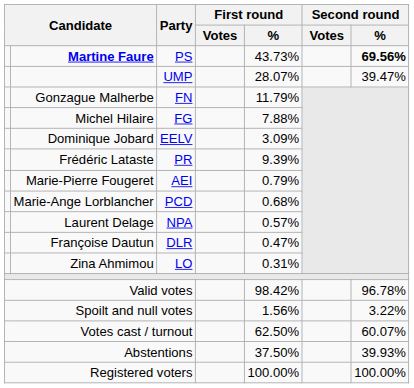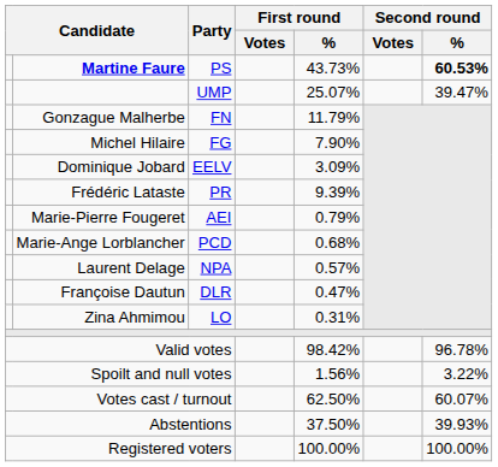 <table class="wikitable" style="text-align:right;font-size:95%;">
 <tr>
 <th rowspan=2 colspan=2>Candidate</th>
 <th rowspan=2 colspan=1>Party</th>
 <th colspan=2>First round</th>
 <th colspan=2>Second round</th>
 </tr>
 <tr>
 <th style="width:50px;">Votes</th>
 <th style="width:55px;">%</th>
 <th style="width:50px;">Votes</th>
 <th style="width:55px;">%</th>
 </tr>
 <tr>
 <td style="color:inherit;background-color:"></td>
 <td><strong><a href='#'>Martine Faure</a></strong></td>
 <td><a href='#'>PS</a></td>
 <td></td>
 <td>43.73%</td>
 <td><strong></strong></td>
-<td><strong>69.56%</strong></td>
+<td><strong>60.53%</strong></td>
 </tr>
 <tr>
 <td style="color:inherit;background-color:"></td>
 <td></td>
 <td><a href='#'>UMP</a></td>
 <td></td>
-<td>28.07%</td>
+<td>25.07%</td>
 <td></td>
 <td>39.47%</td>
 </tr>
 <tr>
 <td style="color:inherit;background-color:"></td>
 <td>Gonzague Malherbe</td>
 <td><a href='#'>FN</a></td>
 <td></td>
 <td>11.79%</td>
 <td colspan=7 rowspan=9 style="background-color:#E9E9E9;"></td>
 </tr>
 <tr>
 <td style="color:inherit;background-color:"></td>
 <td>Michel Hilaire</td>
 <td><a href='#'>FG</a></td>
 <td></td>
-<td>7.88%</td>
+<td>7.90%</td>
 </tr>
 <tr>
 <td style="color:inherit;background-color:"></td>
 <td>Dominique Jobard</td>
 <td><a href='#'>EELV</a></td>
 <td></td>
 <td>3.09%</td>
 </tr>
 <tr>
 <td style="color:inherit;background-color:"></td>
 <td>Frédéric Lataste</td>
 <td><a href='#'>PR</a></td>
 <td></td>
 <td>9.39%</td>
 </tr>
 <tr>
 <td style="color:inherit;background-color:"></td>
 <td>Marie-Pierre Fougeret</td>
 <td><a href='#'>AEI</a></td>
 <td></td>
 <td>0.79%</td>
 </tr>
 <tr>
 <td style="color:inherit;background-color:"></td>
 <td>Marie-Ange Lorblancher</td>
 <td><a href='#'>PCD</a></td>
 <td></td>
 <td>0.68%</td>
 </tr>
 <tr>
 <td style="color:inherit;background-color:"></td>
 <td>Laurent Delage</td>
 <td><a href='#'>NPA</a></td>
 <td></td>
 <td>0.57%</td>
 </tr>
 <tr>
 <td style="color:inherit;background-color:"></td>
 <td>Françoise Dautun</td>
 <td><a href='#'>DLR</a></td>
 <td></td>
 <td>0.47%</td>
 </tr>
 <tr>
 <td style="color:inherit;background-color:"></td>
 <td>Zina Ahmimou</td>
 <td><a href='#'>LO</a></td>
 <td></td>
 <td>0.31%</td>
 </tr>
 <tr>
 <td colspan=7 style="background-color:#E9E9E9;"></td>
 </tr>
 <tr>
 <td colspan=3>Valid votes</td>
 <td></td>
 <td>98.42%</td>
 <td></td>
 <td>96.78%</td>
 </tr>
 <tr>
 <td colspan=3>Spoilt and null votes</td>
 <td></td>
 <td>1.56%</td>
 <td></td>
 <td>3.22%</td>
 </tr>
 <tr>
 <td colspan=3>Votes cast / turnout</td>
 <td></td>
 <td>62.50%</td>
 <td></td>
 <td>60.07%</td>
 </tr>
 <tr>
 <td colspan=3>Abstentions</td>
 <td></td>
 <td>37.50%</td>
 <td></td>
 <td>39.93%</td>
 </tr>
 <tr>
 <td colspan=3>Registered voters</td>
 <td></td>
 <td>100.00%</td>
 <td></td>
 <td>100.00%</td>
 </tr>
 </table>
